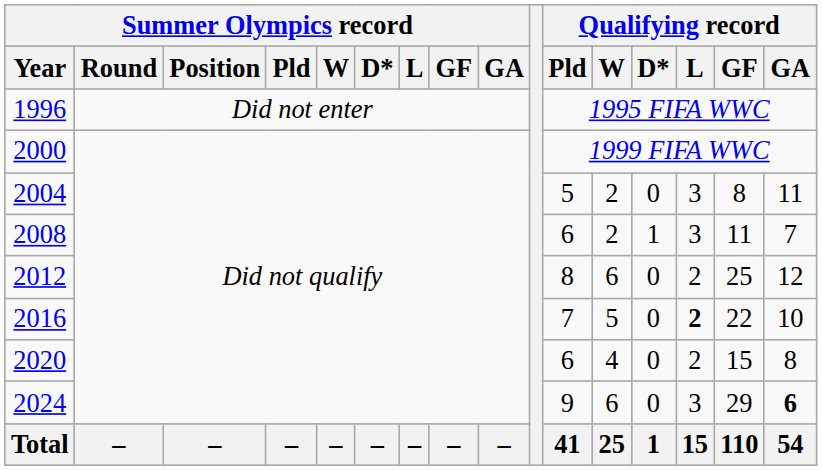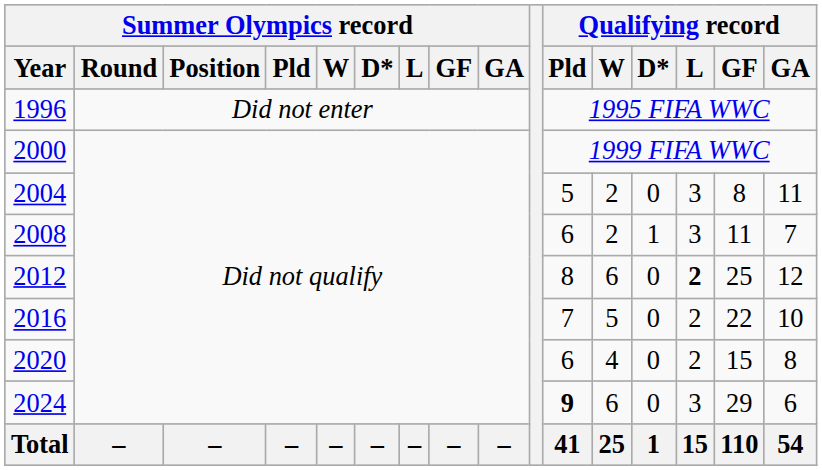 <table class="wikitable" style="text-align: center;">
 <tr>
 <th colspan=9><a href='#'>Summer Olympics</a> record</th>
 <th rowspan=11></th>
 <th colspan=6><a href='#'>Qualifying</a> record</th>
 </tr>
 <tr>
 <th>Year</th>
 <th>Round</th>
 <th>Position</th>
 <th>Pld</th>
 <th>W</th>
 <th>D*</th>
 <th>L</th>
 <th>GF</th>
 <th>GA</th>
 <th>Pld</th>
 <th>W</th>
 <th>D*</th>
 <th>L</th>
 <th>GF</th>
 <th>GA</th>
 </tr>
 <tr>
 <td> <a href='#'>1996</a></td>
 <td colspan=8><em>Did not enter</em></td>
 <td colspan=6><em><a href='#'>1995 FIFA WWC</a></em></td>
 </tr>
 <tr>
 <td> <a href='#'>2000</a></td>
 <td colspan=8 rowspan=7><em>Did not qualify</em></td>
 <td colspan=6><em><a href='#'>1999 FIFA WWC</a></em></td>
 </tr>
 <tr>
 <td> <a href='#'>2004</a></td>
 <td>5</td>
 <td>2</td>
 <td>0</td>
 <td>3</td>
 <td>8</td>
 <td>11</td>
 </tr>
 <tr>
 <td> <a href='#'>2008</a></td>
 <td>6</td>
 <td>2</td>
 <td>1</td>
 <td>3</td>
 <td>11</td>
 <td>7</td>
 </tr>
 <tr>
 <td> <a href='#'>2012</a></td>
 <td>8</td>
 <td>6</td>
 <td>0</td>
-<td>2</td>
+<td><strong>2</strong></td>
 <td>25</td>
 <td>12</td>
 </tr>
 <tr>
 <td> <a href='#'>2016</a></td>
 <td>7</td>
 <td>5</td>
 <td>0</td>
-<td><strong>2</strong></td>
+<td>2</td>
 <td>22</td>
 <td>10</td>
 </tr>
 <tr>
 <td> <a href='#'>2020</a></td>
 <td>6</td>
 <td>4</td>
 <td>0</td>
 <td>2</td>
 <td>15</td>
 <td>8</td>
 </tr>
 <tr>
 <td> <a href='#'>2024</a></td>
-<td>9</td>
+<td><strong>9</strong></td>
 <td>6</td>
 <td>0</td>
 <td>3</td>
 <td>29</td>
-<td><strong>6</strong></td>
+<td>6</td>
 </tr>
 <tr>
 <th>Total</th>
 <th>–</th>
 <th>–</th>
 <th>–</th>
 <th>–</th>
 <th>–</th>
 <th>–</th>
 <th>–</th>
 <th>–</th>
 <th>41</th>
 <th>25</th>
 <th>1</th>
 <th>15</th>
 <th>110</th>
 <th>54</th>
 </tr>
 </table>
